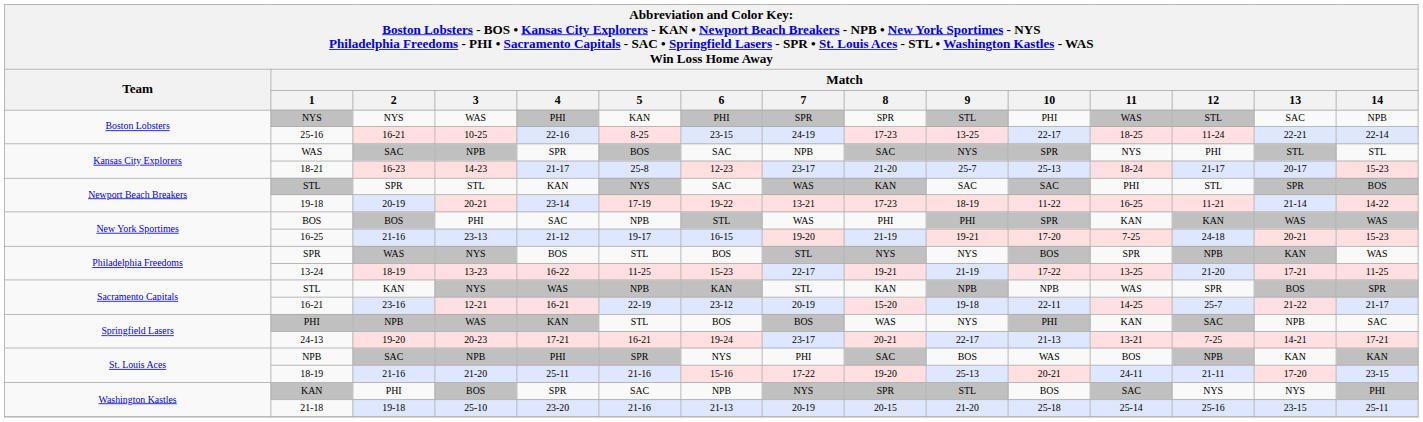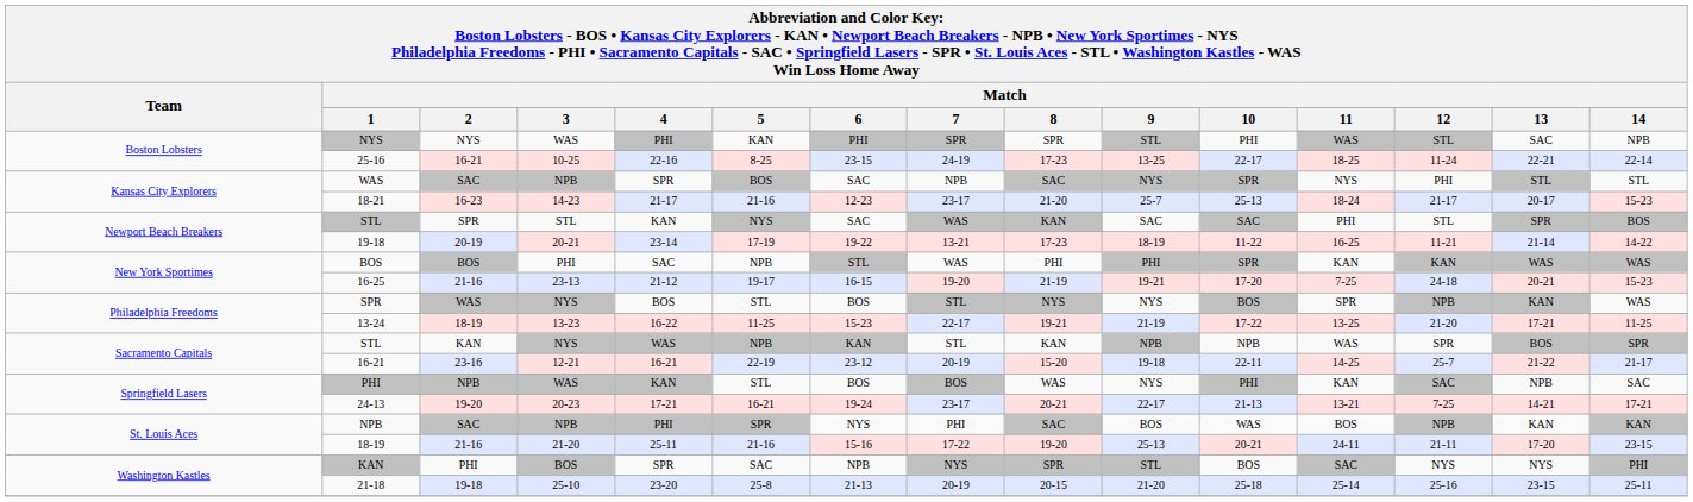 <table class="wikitable" style="text-align:center;width=100%">
 <tr>
 <th colspan="15">Abbreviation and Color Key:<br><a href='#'>Boston Lobsters</a> - BOS • <a href='#'>Kansas City Explorers</a> - KAN • <a href='#'>Newport Beach Breakers</a> - NPB • <a href='#'>New York Sportimes</a> - NYS <br> <a href='#'>Philadelphia Freedoms</a> - PHI • <a href='#'>Sacramento Capitals</a> - SAC • <a href='#'>Springfield Lasers</a> - SPR • <a href='#'>St. Louis Aces</a> - STL • <a href='#'>Washington Kastles</a> - WAS<br><span>Win</span>  <span>Loss</span>  <span>Home</span>  <span>Away</span></th>
 </tr>
 <tr>
 <th width="10.4%" rowspan="2">Team</th>
 <th width="89.6%" colspan="14">Match</th>
 </tr>
 <tr style="background-color:#CCCCCC; font-size: 90%">
 <th width="3.2%">1</th>
 <th width="3.2%">2</th>
 <th width="3.2%">3</th>
 <th width="3.2%">4</th>
 <th width="3.2%">5</th>
 <th width="3.2%">6</th>
 <th width="3.2%">7</th>
 <th width="3.2%">8</th>
 <th width="3.2%">9</th>
 <th width="3.2%">10</th>
 <th width="3.2%">11</th>
 <th width="3.2%">12</th>
 <th width="3.2%">13</th>
 <th width="3.2%">14<br></th>
 </tr>
 <tr style="font-size: 75%">
 <td rowspan="2"><a href='#'>Boston Lobsters</a></td>
 <td bgcolor=#C0C0C0>NYS</td>
 <td>NYS</td>
 <td>WAS</td>
 <td bgcolor=#C0C0C0>PHI</td>
 <td>KAN</td>
 <td bgcolor=#C0C0C0>PHI</td>
 <td bgcolor=#C0C0C0>SPR</td>
 <td>SPR</td>
 <td bgcolor=#C0C0C0>STL</td>
 <td>PHI</td>
 <td bgcolor=#C0C0C0>WAS</td>
 <td bgcolor=#C0C0C0>STL</td>
 <td>SAC</td>
 <td>NPB</td>
 </tr>
 <tr style="font-size: 75%">
 <td>25-16</td>
 <td bgcolor=#FFDFDF>16-21</td>
 <td bgcolor=#FFDFDF>10-25</td>
 <td bgcolor=#DFE7FF>22-16</td>
 <td bgcolor=#FFDFDF>8-25</td>
 <td bgcolor=#DFE7FF>23-15</td>
 <td bgcolor=#DFE7FF>24-19</td>
 <td bgcolor=#FFDFDF>17-23</td>
 <td bgcolor=#FFDFDF>13-25</td>
 <td bgcolor=#DFE7FF>22-17</td>
 <td bgcolor=#FFDFDF>18-25</td>
 <td bgcolor=#FFDFDF>11-24</td>
 <td bgcolor=#DFE7FF>22-21</td>
 <td bgcolor=#DFE7FF>22-14</td>
 </tr>
 <tr style="font-size: 75%">
 <td rowspan="2"><a href='#'>Kansas City Explorers</a></td>
 <td>WAS</td>
 <td bgcolor=#C0C0C0>SAC</td>
 <td bgcolor=#C0C0C0>NPB</td>
 <td>SPR</td>
 <td bgcolor=#C0C0C0>BOS</td>
 <td>SAC</td>
 <td>NPB</td>
 <td bgcolor=#C0C0C0>SAC</td>
 <td bgcolor=#C0C0C0>NYS</td>
 <td bgcolor=#C0C0C0>SPR</td>
 <td>NYS</td>
 <td>PHI</td>
 <td bgcolor=#C0C0C0>STL</td>
 <td>STL</td>
 </tr>
 <tr style="font-size: 75%">
 <td>18-21</td>
 <td bgcolor=#FFDFDF>16-23</td>
 <td bgcolor=#FFDFDF>14-23</td>
 <td bgcolor=#DFE7FF>21-17</td>
-<td bgcolor=#DFE7FF>25-8</td>
+<td bgcolor=#DFE7FF>21-16</td>
 <td bgcolor=#FFDFDF>12-23</td>
 <td bgcolor=#DFE7FF>23-17</td>
 <td bgcolor=#DFE7FF>21-20</td>
 <td bgcolor=#DFE7FF>25-7</td>
 <td bgcolor=#DFE7FF>25-13</td>
 <td bgcolor=#FFDFDF>18-24</td>
 <td bgcolor=#DFE7FF>21-17</td>
 <td bgcolor=#DFE7FF>20-17</td>
 <td bgcolor=#FFDFDF>15-23</td>
 </tr>
 <tr style="font-size: 75%">
 <td rowspan="2"><a href='#'>Newport Beach Breakers</a></td>
 <td bgcolor=#C0C0C0>STL</td>
 <td>SPR</td>
 <td>STL</td>
 <td>KAN</td>
 <td bgcolor=#C0C0C0>NYS</td>
 <td>SAC</td>
 <td bgcolor=#C0C0C0>WAS</td>
 <td bgcolor=#C0C0C0>KAN</td>
 <td>SAC</td>
 <td bgcolor=#C0C0C0>SAC</td>
 <td>PHI</td>
 <td>STL</td>
 <td bgcolor=#C0C0C0>SPR</td>
 <td bgcolor=#C0C0C0>BOS</td>
 </tr>
 <tr style="font-size: 75%">
 <td>19-18</td>
 <td bgcolor=#DFE7FF>20-19</td>
 <td bgcolor=#FFDFDF>20-21</td>
 <td bgcolor=#DFE7FF>23-14</td>
 <td bgcolor=#FFDFDF>17-19</td>
 <td bgcolor=#FFDFDF>19-22</td>
 <td bgcolor=#FFDFDF>13-21</td>
 <td bgcolor=#FFDFDF>17-23</td>
 <td bgcolor=#FFDFDF>18-19</td>
 <td bgcolor=#FFDFDF>11-22</td>
 <td bgcolor=#FFDFDF>16-25</td>
 <td bgcolor=#FFDFDF>11-21</td>
 <td bgcolor=#DFE7FF>21-14</td>
 <td bgcolor=#FFDFDF>14-22</td>
 </tr>
 <tr style="font-size: 75%">
 <td rowspan="2"><a href='#'>New York Sportimes</a></td>
 <td>BOS</td>
 <td bgcolor=#C0C0C0>BOS</td>
 <td>PHI</td>
 <td>SAC</td>
 <td>NPB</td>
 <td bgcolor=#C0C0C0>STL</td>
 <td>WAS</td>
 <td>PHI</td>
 <td bgcolor=#C0C0C0>PHI</td>
 <td bgcolor=#C0C0C0>SPR</td>
 <td>KAN</td>
 <td bgcolor=#C0C0C0>KAN</td>
 <td bgcolor=#C0C0C0>WAS</td>
 <td bgcolor=#C0C0C0>WAS</td>
 </tr>
 <tr style="font-size: 75%">
 <td>16-25</td>
 <td bgcolor=#DFE7FF>21-16</td>
 <td bgcolor=#DFE7FF>23-13</td>
 <td bgcolor=#DFE7FF>21-12</td>
 <td bgcolor=#DFE7FF>19-17</td>
 <td bgcolor=#DFE7FF>16-15</td>
 <td bgcolor=#FFDFDF>19-20</td>
 <td bgcolor=#DFE7FF>21-19</td>
 <td bgcolor=#FFDFDF>19-21</td>
 <td bgcolor=#FFDFDF>17-20</td>
 <td bgcolor=#FFDFDF>7-25</td>
 <td bgcolor=#DFE7FF>24-18</td>
 <td bgcolor=#FFDFDF>20-21</td>
 <td bgcolor=#FFDFDF>15-23</td>
 </tr>
 <tr style="font-size: 75%">
 <td rowspan="2"><a href='#'>Philadelphia Freedoms</a></td>
 <td>SPR</td>
 <td bgcolor=#C0C0C0>WAS</td>
 <td bgcolor=#C0C0C0>NYS</td>
 <td>BOS</td>
 <td>STL</td>
 <td>BOS</td>
 <td bgcolor=#C0C0C0>STL</td>
 <td bgcolor=#C0C0C0>NYS</td>
 <td>NYS</td>
 <td bgcolor=#C0C0C0>BOS</td>
 <td>SPR</td>
 <td bgcolor=#C0C0C0>NPB</td>
 <td bgcolor=#C0C0C0>KAN</td>
 <td>WAS</td>
 </tr>
 <tr style="font-size: 75%">
 <td>13-24</td>
 <td bgcolor=#FFDFDF>18-19</td>
 <td bgcolor=#FFDFDF>13-23</td>
 <td bgcolor=#FFDFDF>16-22</td>
 <td bgcolor=#FFDFDF>11-25</td>
 <td bgcolor=#FFDFDF>15-23</td>
 <td bgcolor=#DFE7FF>22-17</td>
 <td bgcolor=#FFDFDF>19-21</td>
 <td bgcolor=#DFE7FF>21-19</td>
 <td bgcolor=#FFDFDF>17-22</td>
 <td bgcolor=#FFDFDF>13-25</td>
 <td bgcolor=#DFE7FF>21-20</td>
 <td bgcolor=#FFDFDF>17-21</td>
 <td bgcolor=#FFDFDF>11-25</td>
 </tr>
 <tr style="font-size: 75%">
 <td rowspan="2"><a href='#'>Sacramento Capitals</a></td>
 <td>STL</td>
 <td>KAN</td>
 <td bgcolor=#C0C0C0>NYS</td>
 <td bgcolor=#C0C0C0>WAS</td>
 <td bgcolor=#C0C0C0>NPB</td>
 <td bgcolor=#C0C0C0>KAN</td>
 <td>STL</td>
 <td>KAN</td>
 <td bgcolor=#C0C0C0>NPB</td>
 <td>NPB</td>
 <td>WAS</td>
 <td>SPR</td>
 <td bgcolor=#C0C0C0>BOS</td>
 <td bgcolor=#C0C0C0>SPR</td>
 </tr>
 <tr style="font-size: 75%">
 <td>16-21</td>
 <td bgcolor=#DFE7FF>23-16</td>
 <td bgcolor=#FFDFDF>12-21</td>
 <td bgcolor=#FFDFDF>16-21</td>
 <td bgcolor=#DFE7FF>22-19</td>
 <td bgcolor=#DFE7FF>23-12</td>
 <td bgcolor=#DFE7FF>20-19</td>
 <td bgcolor=#FFDFDF>15-20</td>
 <td bgcolor=#DFE7FF>19-18</td>
 <td bgcolor=#DFE7FF>22-11</td>
 <td bgcolor=#FFDFDF>14-25</td>
 <td bgcolor=#DFE7FF>25-7</td>
 <td bgcolor=#FFDFDF>21-22</td>
 <td bgcolor=#DFE7FF>21-17</td>
 </tr>
 <tr style="font-size: 75%">
 <td rowspan="2"><a href='#'>Springfield Lasers</a></td>
 <td bgcolor=#C0C0C0>PHI</td>
 <td bgcolor=#C0C0C0>NPB</td>
 <td bgcolor=#C0C0C0>WAS</td>
 <td bgcolor=#C0C0C0>KAN</td>
 <td>STL</td>
 <td>BOS</td>
 <td bgcolor=#C0C0C0>BOS</td>
 <td>WAS</td>
 <td>NYS</td>
 <td bgcolor=#C0C0C0>PHI</td>
 <td>KAN</td>
 <td bgcolor=#C0C0C0>SAC</td>
 <td>NPB</td>
 <td>SAC</td>
 </tr>
 <tr style="font-size: 75%">
 <td>24-13</td>
 <td bgcolor=#FFDFDF>19-20</td>
 <td bgcolor=#FFDFDF>20-23</td>
 <td bgcolor=#FFDFDF>17-21</td>
 <td bgcolor=#FFDFDF>16-21</td>
 <td bgcolor=#FFDFDF>19-24</td>
 <td bgcolor=#DFE7FF>23-17</td>
 <td bgcolor=#FFDFDF>20-21</td>
 <td bgcolor=#DFE7FF>22-17</td>
 <td bgcolor=#DFE7FF>21-13</td>
 <td bgcolor=#FFDFDF>13-21</td>
 <td bgcolor=#FFDFDF>7-25</td>
 <td bgcolor=#FFDFDF>14-21</td>
 <td bgcolor=#FFDFDF>17-21</td>
 </tr>
 <tr style="font-size: 75%">
 <td rowspan="2"><a href='#'>St. Louis Aces</a></td>
 <td>NPB</td>
 <td bgcolor=#C0C0C0>SAC</td>
 <td bgcolor=#C0C0C0>NPB</td>
 <td bgcolor=#C0C0C0>PHI</td>
 <td bgcolor=#C0C0C0>SPR</td>
 <td>NYS</td>
 <td>PHI</td>
 <td bgcolor=#C0C0C0>SAC</td>
 <td>BOS</td>
 <td>WAS</td>
 <td>BOS</td>
 <td bgcolor=#C0C0C0>NPB</td>
 <td>KAN</td>
 <td bgcolor=#C0C0C0>KAN</td>
 </tr>
 <tr style="font-size: 75%">
 <td>18-19</td>
 <td bgcolor=#DFE7FF>21-16</td>
 <td bgcolor=#DFE7FF>21-20</td>
 <td bgcolor=#DFE7FF>25-11</td>
 <td bgcolor=#DFE7FF>21-16</td>
 <td bgcolor=#FFDFDF>15-16</td>
 <td bgcolor=#FFDFDF>17-22</td>
 <td bgcolor=#FFDFDF>19-20</td>
 <td bgcolor=#DFE7FF>25-13</td>
 <td bgcolor=#FFDFDF>20-21</td>
 <td bgcolor=#DFE7FF>24-11</td>
 <td bgcolor=#DFE7FF>21-11</td>
 <td bgcolor=#FFDFDF>17-20</td>
 <td bgcolor=#DFE7FF>23-15</td>
 </tr>
 <tr style="font-size: 75%">
 <td rowspan="2"><a href='#'>Washington Kastles</a></td>
 <td bgcolor=#C0C0C0>KAN</td>
 <td>PHI</td>
 <td bgcolor=#C0C0C0>BOS</td>
 <td>SPR</td>
 <td>SAC</td>
 <td>NPB</td>
 <td bgcolor=#C0C0C0>NYS</td>
 <td bgcolor=#C0C0C0>SPR</td>
 <td bgcolor=#C0C0C0>STL</td>
 <td>BOS</td>
 <td bgcolor=#C0C0C0>SAC</td>
 <td>NYS</td>
 <td>NYS</td>
 <td bgcolor=#C0C0C0>PHI</td>
 </tr>
 <tr style="font-size: 75%">
 <td>21-18</td>
 <td bgcolor=#DFE7FF>19-18</td>
 <td bgcolor=#DFE7FF>25-10</td>
 <td bgcolor=#DFE7FF>23-20</td>
-<td bgcolor=#DFE7FF>21-16</td>
+<td bgcolor=#DFE7FF>25-8</td>
 <td bgcolor=#DFE7FF>21-13</td>
 <td bgcolor=#DFE7FF>20-19</td>
 <td bgcolor=#DFE7FF>20-15</td>
 <td bgcolor=#DFE7FF>21-20</td>
 <td bgcolor=#DFE7FF>25-18</td>
 <td bgcolor=#DFE7FF>25-14</td>
 <td bgcolor=#DFE7FF>25-16</td>
 <td bgcolor=#DFE7FF>23-15</td>
 <td bgcolor=#DFE7FF>25-11</td>
 </tr>
 <tr style="font-size: 75%">
 </tr>
 </table>
